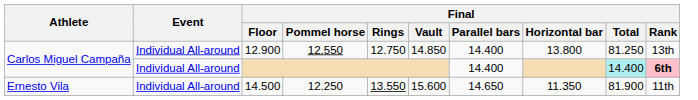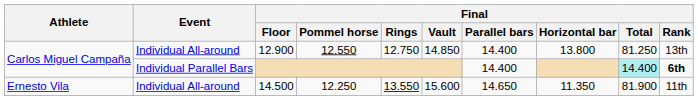 <table class="wikitable" style="font-size:90%">
 <tr>
 <th rowspan="2">Athlete</th>
 <th rowspan="2">Event</th>
 <th colspan = "8">Final</th>
 </tr>
 <tr>
 <th>Floor</th>
 <th>Pommel horse</th>
 <th>Rings</th>
 <th>Vault</th>
 <th>Parallel bars</th>
 <th>Horizontal bar</th>
 <th>Total</th>
 <th>Rank</th>
 </tr>
 <tr>
 <td rowspan=2><a href='#'>Carlos Miguel Campaña</a></td>
 <td><a href='#'>Individual All-around</a></td>
 <td align=center>12.900</td>
 <td align=center><u>12.550</u></td>
 <td align=center>12.750</td>
 <td align=center>14.850</td>
 <td align=center>14.400</td>
 <td align=center>13.800</td>
 <td align=center>81.250</td>
 <td align=center>13th</td>
 </tr>
 <tr>
-<td><a href='#'>Individual All-around</a></td>
+<td><a href='#'>Individual Parallel Bars</a></td>
 <td colspan=4 bgcolor=wheat></td>
 <td align=center>14.400</td>
 <td bgcolor=wheat></td>
 <td align=center style="background: paleturquoise;">14.400</td>
-<td align=center style="background: pink;"><strong>6th</strong></td>
+<td align=center><strong>6th</strong></td>
 </tr>
 <tr>
 <td><a href='#'>Ernesto Vila</a></td>
 <td><a href='#'>Individual All-around</a></td>
 <td align=center>14.500</td>
 <td align=center>12.250</td>
 <td align=center><u>13.550</u></td>
 <td align=center>15.600</td>
 <td align=center>14.650</td>
 <td align=center>11.350</td>
 <td align=center>81.900</td>
 <td align=center>11th</td>
 </tr>
 </table>
